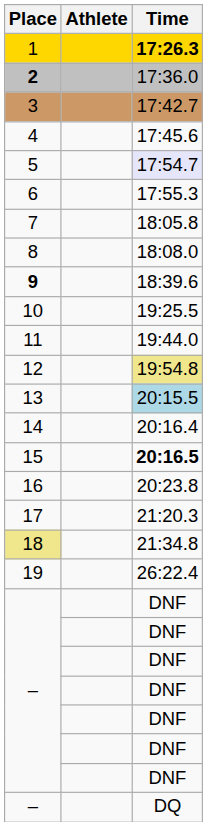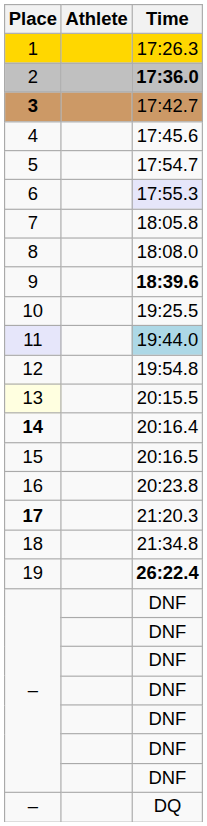 <table class="wikitable" style="text-align:center">
 <tr>
 <th>Place</th>
 <th>Athlete</th>
 <th>Time</th>
 </tr>
 <tr bgcolor=gold>
 <td>1</td>
 <td align=left></td>
-<td><strong>17:26.3</strong></td>
+<td>17:26.3</td>
 </tr>
 <tr bgcolor=silver>
-<td><strong>2</strong></td>
+<td>2</td>
 <td align=left></td>
-<td>17:36.0</td>
+<td><strong>17:36.0</strong></td>
 </tr>
 <tr bgcolor=cc9966>
-<td>3</td>
+<td><strong>3</strong></td>
 <td align=left></td>
 <td>17:42.7</td>
 </tr>
 <tr>
 <td>4</td>
 <td align=left></td>
 <td>17:45.6</td>
 </tr>
 <tr>
 <td>5</td>
 <td align=left></td>
-<td style="background: lavender;">17:54.7</td>
+<td>17:54.7</td>
 </tr>
 <tr>
 <td>6</td>
 <td align=left></td>
-<td>17:55.3</td>
+<td style="background: lavender;">17:55.3</td>
 </tr>
 <tr>
 <td>7</td>
 <td align=left></td>
 <td>18:05.8</td>
 </tr>
 <tr>
 <td>8</td>
 <td align=left></td>
 <td>18:08.0</td>
 </tr>
 <tr>
-<td><strong>9</strong></td>
+<td>9</td>
 <td align=left></td>
-<td>18:39.6</td>
+<td><strong>18:39.6</strong></td>
 </tr>
 <tr>
 <td>10</td>
 <td align=left></td>
 <td>19:25.5</td>
 </tr>
 <tr>
-<td>11</td>
+<td style="background: lavender;">11</td>
 <td align=left></td>
-<td>19:44.0</td>
+<td style="background: lightblue;">19:44.0</td>
 </tr>
 <tr>
 <td>12</td>
 <td align=left></td>
-<td style="background: khaki;">19:54.8</td>
+<td>19:54.8</td>
 </tr>
 <tr>
-<td>13</td>
+<td style="background: lightyellow;">13</td>
 <td align=left></td>
-<td style="background: lightblue;">20:15.5</td>
+<td>20:15.5</td>
 </tr>
 <tr>
-<td>14</td>
+<td><strong>14</strong></td>
 <td align=left></td>
 <td>20:16.4</td>
 </tr>
 <tr>
 <td>15</td>
 <td align=left></td>
-<td><strong>20:16.5</strong></td>
+<td>20:16.5</td>
 </tr>
 <tr>
 <td>16</td>
 <td align=left></td>
 <td>20:23.8</td>
 </tr>
 <tr>
-<td>17</td>
+<td><strong>17</strong></td>
 <td align=left></td>
 <td>21:20.3</td>
 </tr>
 <tr>
-<td style="background: khaki;">18</td>
+<td>18</td>
 <td align=left></td>
 <td>21:34.8</td>
 </tr>
 <tr>
 <td>19</td>
 <td align=left></td>
-<td>26:22.4</td>
+<td><strong>26:22.4</strong></td>
 </tr>
 <tr>
 <td rowspan=7>–</td>
 <td align=left></td>
 <td>DNF</td>
 </tr>
 <tr>
 <td align=left></td>
 <td>DNF</td>
 </tr>
 <tr>
 <td align=left></td>
 <td>DNF</td>
 </tr>
 <tr>
 <td align=left></td>
 <td>DNF</td>
 </tr>
 <tr>
 <td align=left></td>
 <td>DNF</td>
 </tr>
 <tr>
 <td align=left></td>
 <td>DNF</td>
 </tr>
 <tr>
 <td align=left></td>
 <td>DNF</td>
 </tr>
 <tr>
 <td>–</td>
 <td align=left></td>
 <td>DQ</td>
 </tr>
 </table>
